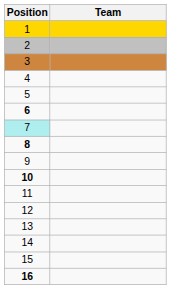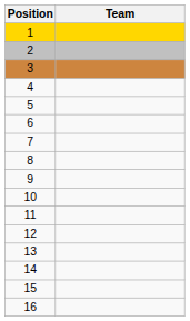 <table class="wikitable" style="width:250px;">
 <tr>
 <th width=30>Position</th>
 <th width=220>Team</th>
 </tr>
 <tr style="background:gold;">
 <td align=center>1</td>
 <td></td>
 </tr>
 <tr style="background:silver;">
 <td align=center>2</td>
 <td></td>
 </tr>
 <tr style="background:peru;">
 <td align=center>3</td>
 <td></td>
 </tr>
 <tr>
 <td align=center>4</td>
 <td></td>
 </tr>
 <tr>
 <td align=center>5</td>
 <td></td>
 </tr>
 <tr>
-<td align=center><strong>6</strong></td>
+<td align=center>6</td>
 <td></td>
 </tr>
 <tr>
-<td align=center style="background: paleturquoise;">7</td>
+<td align=center>7</td>
 <td></td>
 </tr>
 <tr>
-<td align=center><strong>8</strong></td>
+<td align=center>8</td>
 <td></td>
 </tr>
 <tr>
 <td align=center>9</td>
 <td></td>
 </tr>
 <tr>
-<td align=center><strong>10</strong></td>
+<td align=center>10</td>
 <td></td>
 </tr>
 <tr>
 <td align=center>11</td>
 <td></td>
 </tr>
 <tr>
 <td align=center>12</td>
 <td></td>
 </tr>
 <tr>
 <td align=center>13</td>
 <td></td>
 </tr>
 <tr>
 <td align=center>14</td>
 <td></td>
 </tr>
 <tr Host>
 <td align=center>15</td>
 <td></td>
 </tr>
 <tr>
-<td align=center><strong>16</strong></td>
+<td align=center>16</td>
 <td></td>
 </tr>
 </table>
